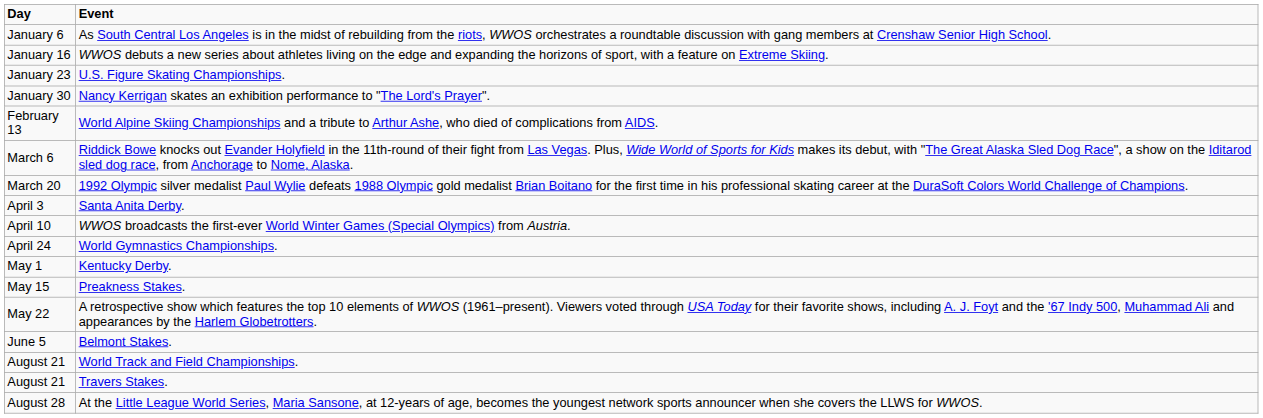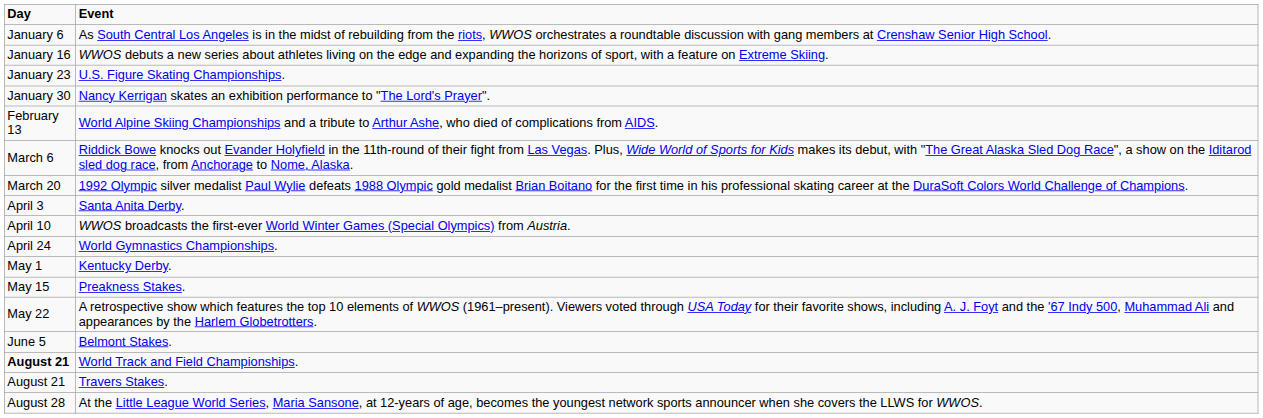 <table class="wikitable">
 <tr>
 <td><strong>Day</strong></td>
 <td><strong>Event</strong></td>
 </tr>
 <tr>
 <td>January 6</td>
 <td>As <a href='#'>South Central Los Angeles</a> is in the midst of rebuilding from the <a href='#'>riots</a>, <em>WWOS</em> orchestrates a roundtable discussion with gang members at <a href='#'>Crenshaw Senior High School</a>.</td>
 </tr>
 <tr>
 <td>January 16</td>
 <td><em>WWOS</em> debuts a new series about athletes living on the edge and expanding the horizons of sport, with a feature on <a href='#'>Extreme Skiing</a>.</td>
 </tr>
 <tr>
 <td>January 23</td>
 <td><a href='#'>U.S. Figure Skating Championships</a>.</td>
 </tr>
 <tr>
 <td>January 30</td>
 <td><a href='#'>Nancy Kerrigan</a> skates an exhibition performance to "<a href='#'>The Lord's Prayer</a>".</td>
 </tr>
 <tr>
 <td>February 13</td>
 <td><a href='#'>World Alpine Skiing Championships</a> and a tribute to <a href='#'>Arthur Ashe</a>, who died of complications from <a href='#'>AIDS</a>.</td>
 </tr>
 <tr>
 <td>March 6</td>
 <td><a href='#'>Riddick Bowe</a> knocks out <a href='#'>Evander Holyfield</a> in the 11th-round of their fight from <a href='#'>Las Vegas</a>. Plus, <em><a href='#'>Wide World of Sports for Kids</a></em> makes its debut, with "<a href='#'>The Great Alaska Sled Dog Race</a>", a show on the <a href='#'>Iditarod sled dog race</a>, from <a href='#'>Anchorage</a> to <a href='#'>Nome, Alaska</a>.</td>
 </tr>
 <tr>
 <td>March 20</td>
 <td><a href='#'>1992 Olympic</a> silver medalist <a href='#'>Paul Wylie</a> defeats <a href='#'>1988 Olympic</a> gold medalist <a href='#'>Brian Boitano</a> for the first time in his professional skating career at the <a href='#'>DuraSoft Colors World Challenge of Champions</a>.</td>
 </tr>
 <tr>
 <td>April 3</td>
 <td><a href='#'>Santa Anita Derby</a>.</td>
 </tr>
 <tr>
 <td>April 10</td>
 <td><em>WWOS</em> broadcasts the first-ever <a href='#'>World Winter Games (Special Olympics)</a> from <em>Austria</em>.</td>
 </tr>
 <tr>
 <td>April 24</td>
 <td><a href='#'>World Gymnastics Championships</a>.</td>
 </tr>
 <tr>
 <td>May 1</td>
 <td><a href='#'>Kentucky Derby</a>.</td>
 </tr>
 <tr>
 <td>May 15</td>
 <td><a href='#'>Preakness Stakes</a>.</td>
 </tr>
 <tr>
 <td>May 22</td>
 <td>A retrospective show which features the top 10 elements of <em>WWOS</em> (1961–present). Viewers voted through <em><a href='#'>USA Today</a></em> for their favorite shows, including <a href='#'>A. J. Foyt</a> and the <a href='#'>'67 Indy 500</a>, <a href='#'>Muhammad Ali</a> and appearances by the <a href='#'>Harlem Globetrotters</a>.</td>
 </tr>
 <tr>
 <td>June 5</td>
 <td><a href='#'>Belmont Stakes</a>.</td>
 </tr>
 <tr>
-<td>August 21</td>
+<td><strong>August 21</strong></td>
 <td><a href='#'>World Track and Field Championships</a>.</td>
 </tr>
 <tr>
 <td>August 21</td>
 <td><a href='#'>Travers Stakes</a>.</td>
 </tr>
 <tr>
 <td>August 28</td>
 <td>At the <a href='#'>Little League World Series</a>, <a href='#'>Maria Sansone</a>, at 12-years of age, becomes the youngest network sports announcer when she covers the LLWS for <em>WWOS</em>.</td>
 </tr>
 </table>
